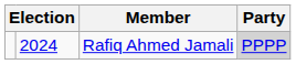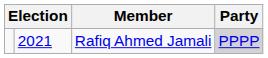 <table class="wikitable">
 <tr>
 <th colspan="2">Election</th>
 <th>Member</th>
 <th>Party</th>
 </tr>
 <tr>
 <td style="background-color: "></td>
-<td><a href='#'>2024</a></td>
+<td><a href='#'>2021</a></td>
 <td><a href='#'>Rafiq Ahmed Jamali</a></td>
 <td style="background: lightgrey;"><a href='#'>PPPP</a></td>
 </tr>
 </table>
